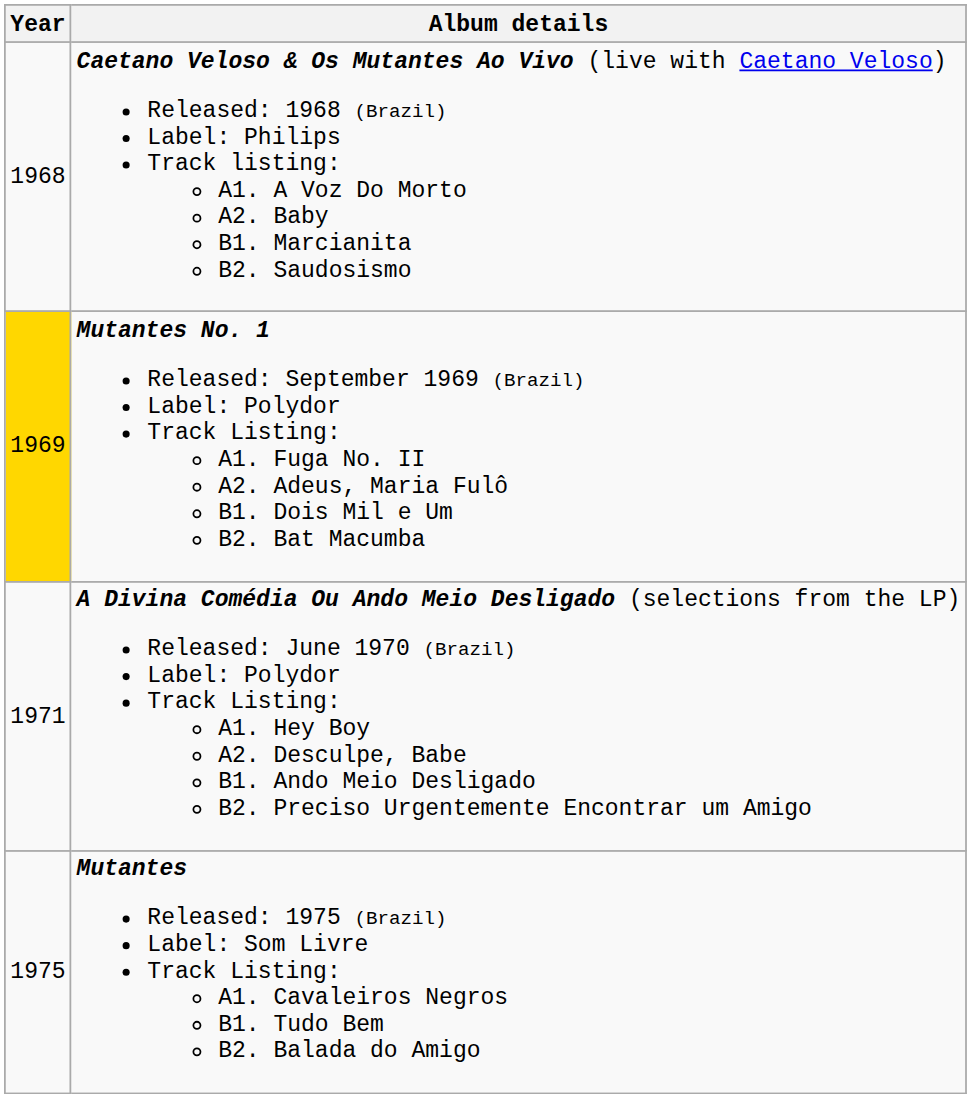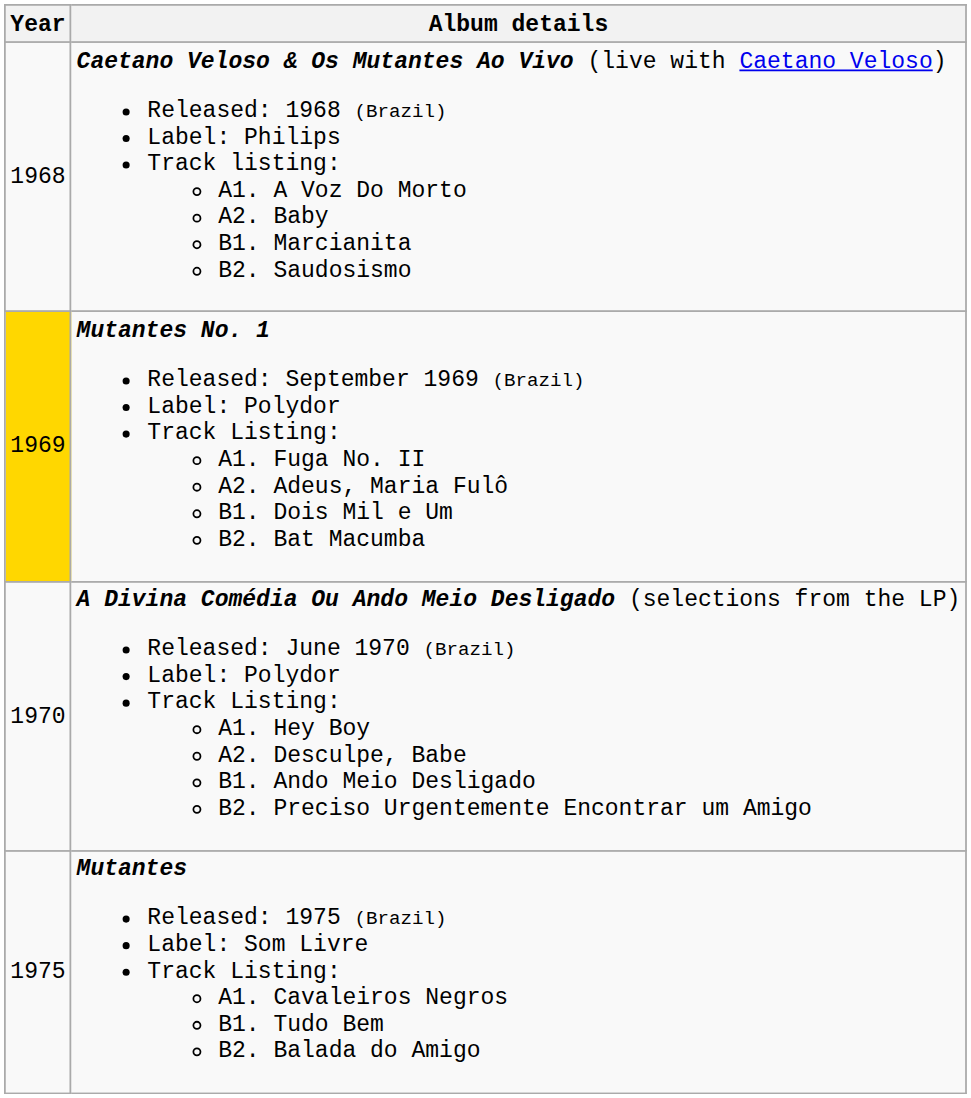 <table class="wikitable">
 <tr>
 <th>Year</th>
 <th>Album details</th>
 </tr>
 <tr>
 <td>1968</td>
 <td><strong><em>Caetano Veloso & Os Mutantes Ao Vivo</em></strong> (live with <a href='#'>Caetano Veloso</a>)<br><ul><li>Released: 1968 <small>(Brazil)</small></li><li>Label: Philips</li><li>Track listing:<ul><li>A1. A Voz Do Morto</li><li>A2. Baby</li><li>B1. Marcianita</li><li>B2. Saudosismo</li></ul></li></ul></td>
 </tr>
 <tr>
 <td style="background: gold;">1969</td>
 <td><strong><em>Mutantes No. 1</em></strong><br><ul><li>Released: September 1969 <small>(Brazil)</small></li><li>Label: Polydor</li><li>Track Listing:<ul><li>A1. Fuga No. II</li><li>A2. Adeus, Maria Fulô</li><li>B1. Dois Mil e Um</li><li>B2. Bat Macumba</li></ul></li></ul></td>
 </tr>
 <tr>
-<td>1971</td>
+<td>1970</td>
 <td><strong><em>A Divina Comédia Ou Ando Meio Desligado</em></strong> (selections from the LP)<br><ul><li>Released: June 1970 <small>(Brazil)</small></li><li>Label: Polydor</li><li>Track Listing:<ul><li>A1. Hey Boy</li><li>A2. Desculpe, Babe</li><li>B1. Ando Meio Desligado</li><li>B2. Preciso Urgentemente Encontrar um Amigo</li></ul></li></ul></td>
 </tr>
 <tr>
 <td>1975</td>
 <td><strong><em>Mutantes</em></strong><br><ul><li>Released: 1975 <small>(Brazil)</small></li><li>Label: Som Livre</li><li>Track Listing:<ul><li>A1. Cavaleiros Negros</li><li>B1. Tudo Bem</li><li>B2. Balada do Amigo</li></ul></li></ul></td>
 </tr>
 </table>
